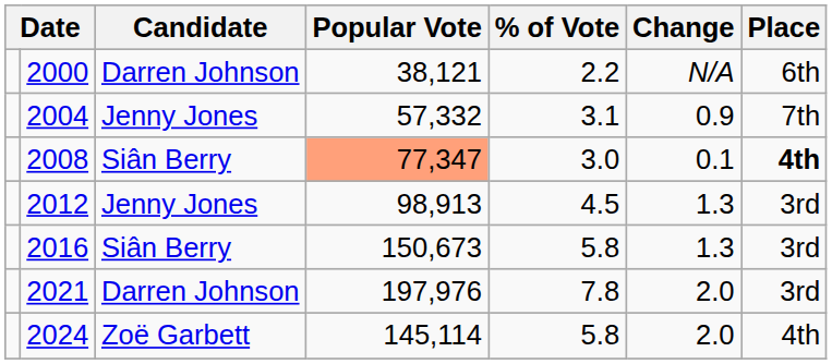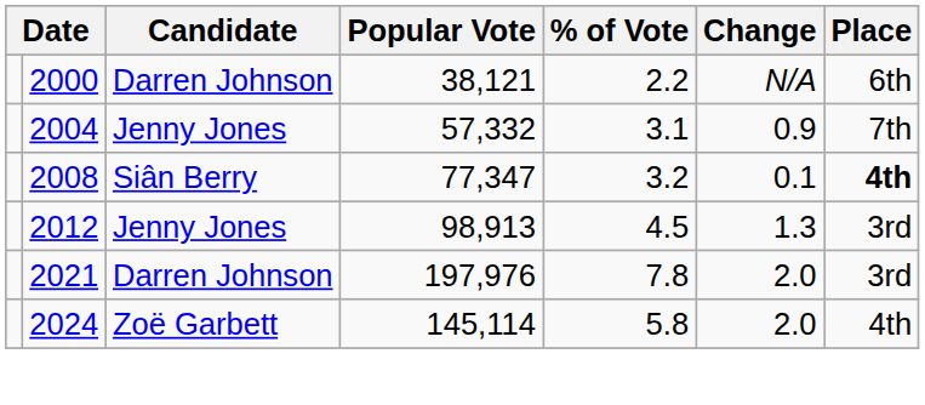 <table class="wikitable" style="text-align:right; font-size:95%;">
 <tr>
 <th colspan="2">Date</th>
 <th>Candidate</th>
 <th>Popular Vote</th>
 <th>% of Vote</th>
 <th>Change</th>
 <th>Place</th>
 </tr>
 <tr>
 <td width="1" style="color:inherit;background:"></td>
 <td><a href='#'>2000</a></td>
 <td align="left"><a href='#'>Darren Johnson</a></td>
 <td>38,121</td>
 <td>2.2</td>
 <td><em>N/A</em></td>
 <td>6th</td>
 </tr>
 <tr>
 <td style="color:inherit;background:"></td>
 <td><a href='#'>2004</a></td>
 <td align="left"><a href='#'>Jenny Jones</a></td>
 <td>57,332</td>
 <td>3.1</td>
 <td>0.9</td>
 <td>7th</td>
 </tr>
 <tr>
 <td style="color:inherit;background:"></td>
 <td><a href='#'>2008</a></td>
 <td align="left"><a href='#'>Siân Berry</a></td>
-<td style="background: lightsalmon;">77,347</td>
-<td>3.0</td>
+<td>77,347</td>
+<td>3.2</td>
 <td>0.1</td>
 <td><strong>4th</strong></td>
 </tr>
 <tr>
 <td style="color:inherit;background:"></td>
 <td><a href='#'>2012</a></td>
 <td align="left"><a href='#'>Jenny Jones</a></td>
 <td>98,913</td>
 <td>4.5</td>
-<td>1.3</td>
-<td>3rd</td>
-</tr>
-<tr>
-<td style="color:inherit;background:"></td>
-<td><a href='#'>2016</a></td>
-<td align="left"><a href='#'>Siân Berry</a></td>
-<td>150,673</td>
-<td>5.8</td>
 <td>1.3</td>
 <td>3rd</td>
 </tr>
 <tr>
 <td style="color:inherit;background:"></td>
 <td><a href='#'>2021</a></td>
 <td align="left"><a href='#'>Darren Johnson</a></td>
 <td>197,976</td>
 <td>7.8</td>
 <td>2.0</td>
 <td>3rd</td>
 </tr>
 <tr>
 <td style="color:inherit;background:"></td>
 <td><a href='#'>2024</a></td>
 <td align="left"><a href='#'>Zoë Garbett</a></td>
 <td>145,114</td>
 <td>5.8</td>
 <td>2.0</td>
 <td>4th</td>
 </tr>
 </table>
